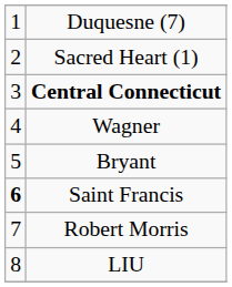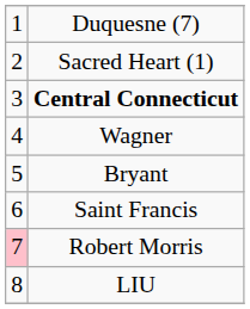 <table class="wikitable">
 <tr align="center">
 </tr>
 <tr align="center">
 <td>1</td>
 <td>Duquesne (7)</td>
 </tr>
 <tr align="center">
 <td>2</td>
 <td>Sacred Heart (1)</td>
 </tr>
 <tr align="center">
 <td>3</td>
 <td><strong>Central Connecticut</strong></td>
 </tr>
 <tr align="center">
 <td>4</td>
 <td>Wagner</td>
 </tr>
 <tr align="center">
 <td>5</td>
 <td>Bryant</td>
 </tr>
 <tr align="center">
-<td><strong>6</strong></td>
+<td>6</td>
 <td>Saint Francis</td>
 </tr>
 <tr align="center">
-<td>7</td>
+<td style="background: pink;">7</td>
 <td>Robert Morris</td>
 </tr>
 <tr align="center">
 <td>8</td>
 <td>LIU</td>
 </tr>
 <tr>
 </tr>
 </table>
